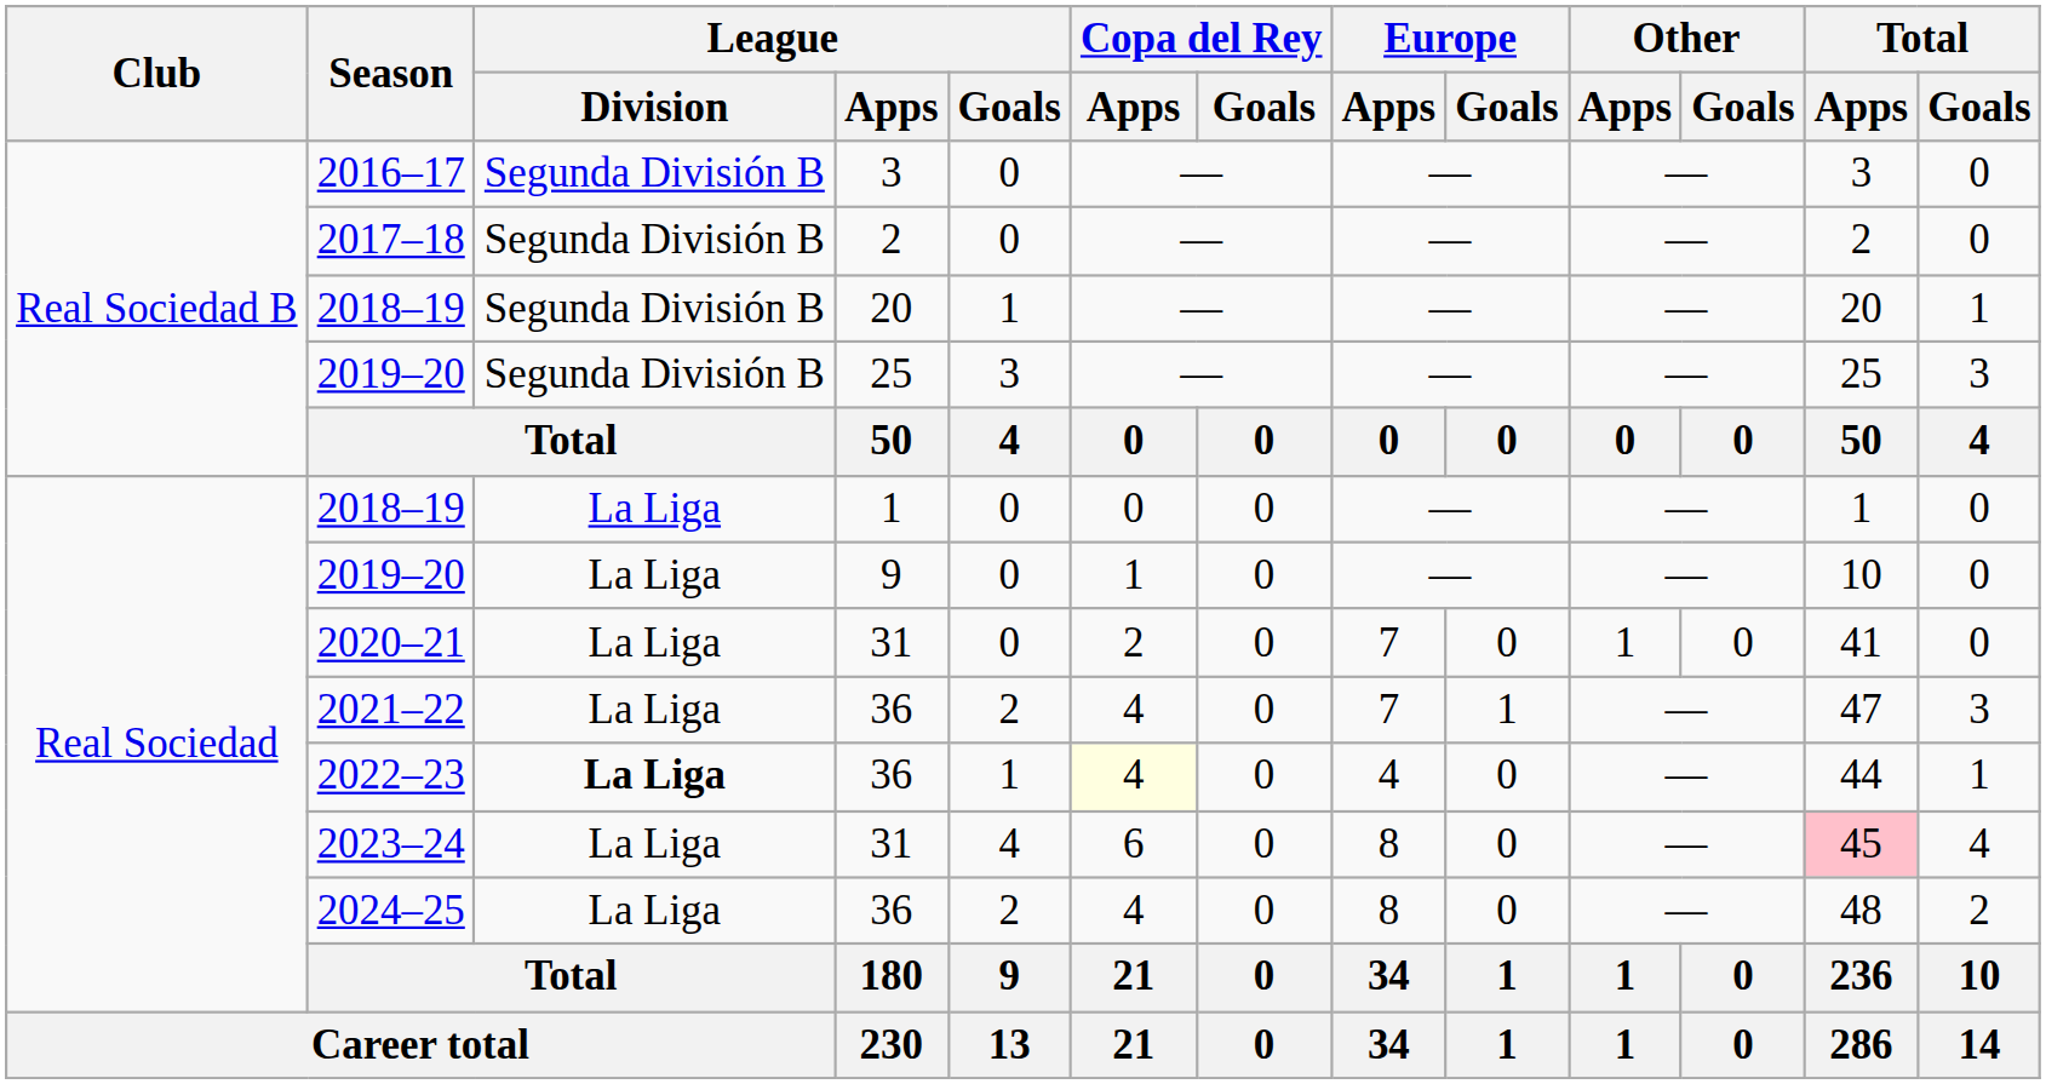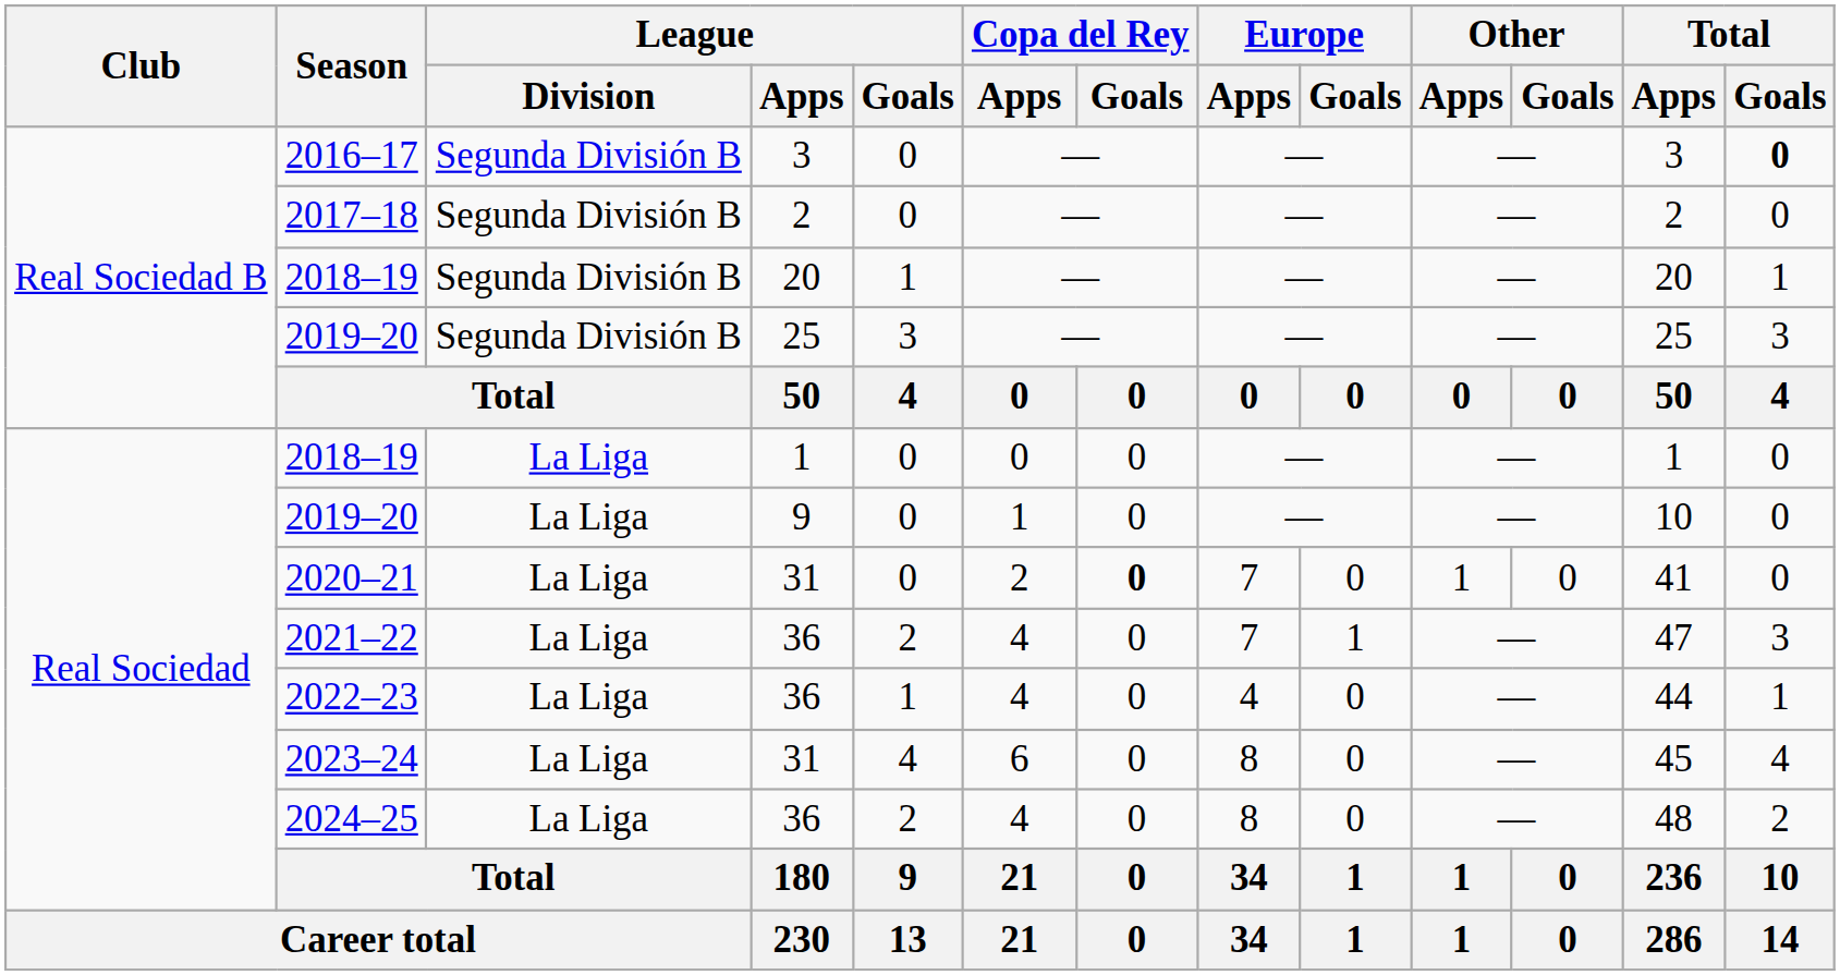 <table class="wikitable" style="text-align:center">
 <tr>
 <th rowspan="2">Club</th>
 <th rowspan="2">Season</th>
 <th colspan="3">League</th>
 <th colspan="2"><a href='#'>Copa del Rey</a></th>
 <th colspan="2"><a href='#'>Europe</a></th>
 <th colspan="2">Other</th>
 <th colspan="2">Total</th>
 </tr>
 <tr>
 <th>Division</th>
 <th>Apps</th>
 <th>Goals</th>
 <th>Apps</th>
 <th>Goals</th>
 <th>Apps</th>
 <th>Goals</th>
 <th>Apps</th>
 <th>Goals</th>
 <th>Apps</th>
 <th>Goals</th>
 </tr>
 <tr>
 <td rowspan="5"><a href='#'>Real Sociedad B</a></td>
 <td><a href='#'>2016–17</a></td>
 <td><a href='#'>Segunda División B</a></td>
 <td>3</td>
 <td>0</td>
 <td colspan="2">—</td>
 <td colspan="2">—</td>
 <td colspan="2">—</td>
 <td>3</td>
-<td>0</td>
+<td><strong>0</strong></td>
 </tr>
 <tr>
 <td><a href='#'>2017–18</a></td>
 <td>Segunda División B</td>
 <td>2</td>
 <td>0</td>
 <td colspan="2">—</td>
 <td colspan="2">—</td>
 <td colspan="2">—</td>
 <td>2</td>
 <td>0</td>
 </tr>
 <tr>
 <td><a href='#'>2018–19</a></td>
 <td>Segunda División B</td>
 <td>20</td>
 <td>1</td>
 <td colspan="2">—</td>
 <td colspan="2">—</td>
 <td colspan="2">—</td>
 <td>20</td>
 <td>1</td>
 </tr>
 <tr>
 <td><a href='#'>2019–20</a></td>
 <td>Segunda División B</td>
 <td>25</td>
 <td>3</td>
 <td colspan="2">—</td>
 <td colspan="2">—</td>
 <td colspan="2">—</td>
 <td>25</td>
 <td>3</td>
 </tr>
 <tr>
 <th colspan="2">Total</th>
 <th>50</th>
 <th>4</th>
 <th>0</th>
 <th>0</th>
 <th>0</th>
 <th>0</th>
 <th>0</th>
 <th>0</th>
 <th>50</th>
 <th>4</th>
 </tr>
 <tr>
 <td rowspan="8"><a href='#'>Real Sociedad</a></td>
 <td><a href='#'>2018–19</a></td>
 <td><a href='#'>La Liga</a></td>
 <td>1</td>
 <td>0</td>
 <td>0</td>
 <td>0</td>
 <td colspan="2">—</td>
 <td colspan="2">—</td>
 <td>1</td>
 <td>0</td>
 </tr>
 <tr>
 <td><a href='#'>2019–20</a></td>
 <td>La Liga</td>
 <td>9</td>
 <td>0</td>
 <td>1</td>
 <td>0</td>
 <td colspan="2">—</td>
 <td colspan="2">—</td>
 <td>10</td>
 <td>0</td>
 </tr>
 <tr>
 <td><a href='#'>2020–21</a></td>
 <td>La Liga</td>
 <td>31</td>
 <td>0</td>
 <td>2</td>
-<td>0</td>
+<td><strong>0</strong></td>
 <td>7</td>
 <td>0</td>
 <td>1</td>
 <td>0</td>
 <td>41</td>
 <td>0</td>
 </tr>
 <tr>
 <td><a href='#'>2021–22</a></td>
 <td>La Liga</td>
 <td>36</td>
 <td>2</td>
 <td>4</td>
 <td>0</td>
 <td>7</td>
 <td>1</td>
 <td colspan="2">—</td>
 <td>47</td>
 <td>3</td>
 </tr>
 <tr>
 <td><a href='#'>2022–23</a></td>
-<td><strong>La Liga</strong></td>
+<td>La Liga</td>
 <td>36</td>
 <td>1</td>
-<td style="background: lightyellow;">4</td>
+<td>4</td>
 <td>0</td>
 <td>4</td>
 <td>0</td>
 <td colspan="2">—</td>
 <td>44</td>
 <td>1</td>
 </tr>
 <tr>
 <td><a href='#'>2023–24</a></td>
 <td>La Liga</td>
 <td>31</td>
 <td>4</td>
 <td>6</td>
 <td>0</td>
 <td>8</td>
 <td>0</td>
 <td colspan="2">—</td>
-<td style="background: pink;">45</td>
+<td>45</td>
 <td>4</td>
 </tr>
 <tr>
 <td><a href='#'>2024–25</a></td>
 <td>La Liga</td>
 <td>36</td>
 <td>2</td>
 <td>4</td>
 <td>0</td>
 <td>8</td>
 <td>0</td>
 <td colspan="2">—</td>
 <td>48</td>
 <td>2</td>
 </tr>
 <tr>
 <th colspan="2">Total</th>
 <th>180</th>
 <th>9</th>
 <th>21</th>
 <th>0</th>
 <th>34</th>
 <th>1</th>
 <th>1</th>
 <th>0</th>
 <th>236</th>
 <th>10</th>
 </tr>
 <tr>
 <th colspan="3">Career total</th>
 <th>230</th>
 <th>13</th>
 <th>21</th>
 <th>0</th>
 <th>34</th>
 <th>1</th>
 <th>1</th>
 <th>0</th>
 <th>286</th>
 <th>14</th>
 </tr>
 </table>
